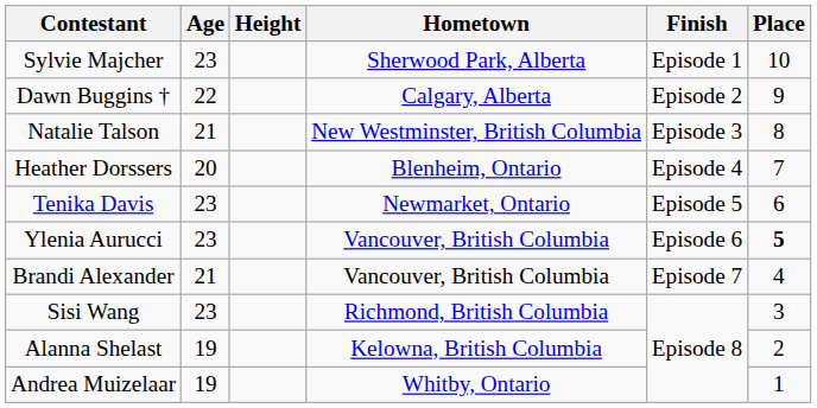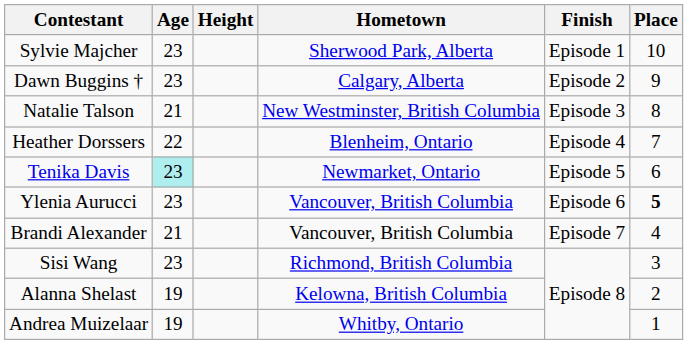 <table class="wikitable sortable" style="text-align:center;">
 <tr>
 <th>Contestant</th>
 <th>Age</th>
 <th>Height</th>
 <th>Hometown</th>
 <th>Finish</th>
 <th>Place</th>
 </tr>
 <tr>
 <td>Sylvie Majcher</td>
 <td>23</td>
 <td></td>
 <td><a href='#'>Sherwood Park, Alberta</a></td>
 <td>Episode 1</td>
 <td>10</td>
 </tr>
 <tr>
 <td>Dawn Buggins †</td>
-<td>22</td>
+<td>23</td>
 <td></td>
 <td><a href='#'>Calgary, Alberta</a></td>
 <td>Episode 2</td>
 <td>9</td>
 </tr>
 <tr>
 <td>Natalie Talson</td>
 <td>21</td>
 <td></td>
 <td><a href='#'>New Westminster, British Columbia</a></td>
 <td>Episode 3</td>
 <td>8</td>
 </tr>
 <tr>
 <td>Heather Dorssers</td>
-<td>20</td>
+<td>22</td>
 <td></td>
 <td><a href='#'>Blenheim, Ontario</a></td>
 <td>Episode 4</td>
 <td>7</td>
 </tr>
 <tr>
 <td><a href='#'>Tenika Davis</a></td>
-<td>23</td>
+<td style="background: paleturquoise;">23</td>
 <td></td>
 <td><a href='#'>Newmarket, Ontario</a></td>
 <td>Episode 5</td>
 <td>6</td>
 </tr>
 <tr>
 <td>Ylenia Aurucci</td>
 <td>23</td>
 <td></td>
 <td><a href='#'>Vancouver, British Columbia</a></td>
 <td>Episode 6</td>
 <td><strong>5</strong></td>
 </tr>
 <tr>
 <td>Brandi Alexander</td>
 <td>21</td>
 <td></td>
 <td>Vancouver, British Columbia</td>
 <td>Episode 7</td>
 <td>4</td>
 </tr>
 <tr>
 <td>Sisi Wang</td>
 <td>23</td>
 <td></td>
 <td><a href='#'>Richmond, British Columbia</a></td>
 <td rowspan="3">Episode 8</td>
 <td>3</td>
 </tr>
 <tr>
 <td>Alanna Shelast</td>
 <td>19</td>
 <td></td>
 <td><a href='#'>Kelowna, British Columbia</a></td>
 <td>2</td>
 </tr>
 <tr>
 <td>Andrea Muizelaar</td>
 <td>19</td>
 <td></td>
 <td><a href='#'>Whitby, Ontario</a></td>
 <td>1</td>
 </tr>
 </table>
